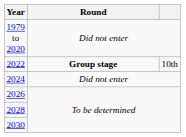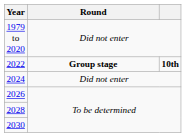 <table class="wikitable" style="text-align: center; font-size:90%">
 <tr>
 <th>Year</th>
 <th style="width:200px">Round</th>
 <th></th>
 </tr>
 <tr>
 <td><a href='#'>1979</a><br>to<br><a href='#'>2020</a></td>
 <td colspan="2"><em>Did not enter</em></td>
 </tr>
 <tr>
 <td><a href='#'>2022</a></td>
 <td><strong>Group stage</strong></td>
-<td>10th</td>
+<td><strong>10th</strong></td>
 </tr>
 <tr>
 <td><a href='#'>2024</a></td>
 <td colspan="2"><em>Did not enter</em></td>
 </tr>
 <tr>
 <td><a href='#'>2026</a></td>
 <td colspan="2" rowspan="3"><em>To be determined</em></td>
 </tr>
 <tr>
 <td><a href='#'>2028</a></td>
 </tr>
 <tr>
 <td><a href='#'>2030</a></td>
 </tr>
 </table>
